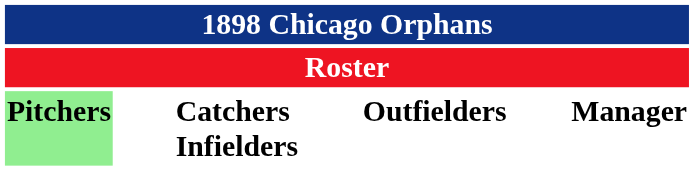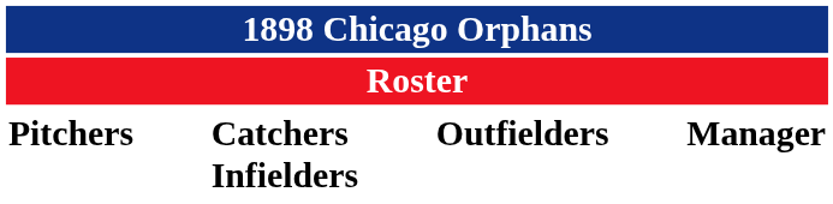 <table class="toccolours" style="font-size: 95%;">
 <tr>
 <th colspan="10" style="background-color: #0e3386; color: white; text-align: center;">1898 Chicago Orphans</th>
 </tr>
 <tr>
 <td colspan="10" style="background-color: #EE1422; color: white; text-align: center;"><strong>Roster</strong></td>
 </tr>
 <tr>
-<td valign="top" style="background: lightgreen;"><strong>Pitchers</strong><br>        </td>
+<td valign="top"><strong>Pitchers</strong><br>        </td>
 <td width="25px"></td>
 <td valign="top"><strong>Catchers</strong><br>   <strong>Infielders</strong>      </td>
 <td width="25px"></td>
 <td valign="top"><strong>Outfielders</strong><br>      </td>
 <td width="25px"></td>
 <td valign="top"><strong>Manager</strong><br></td>
 </tr>
 <tr>
 </tr>
 </table>
